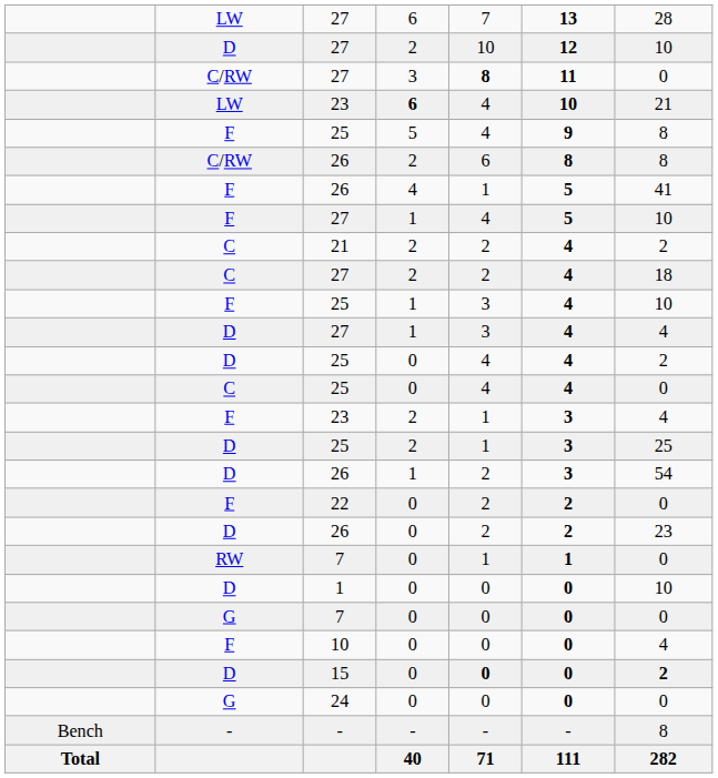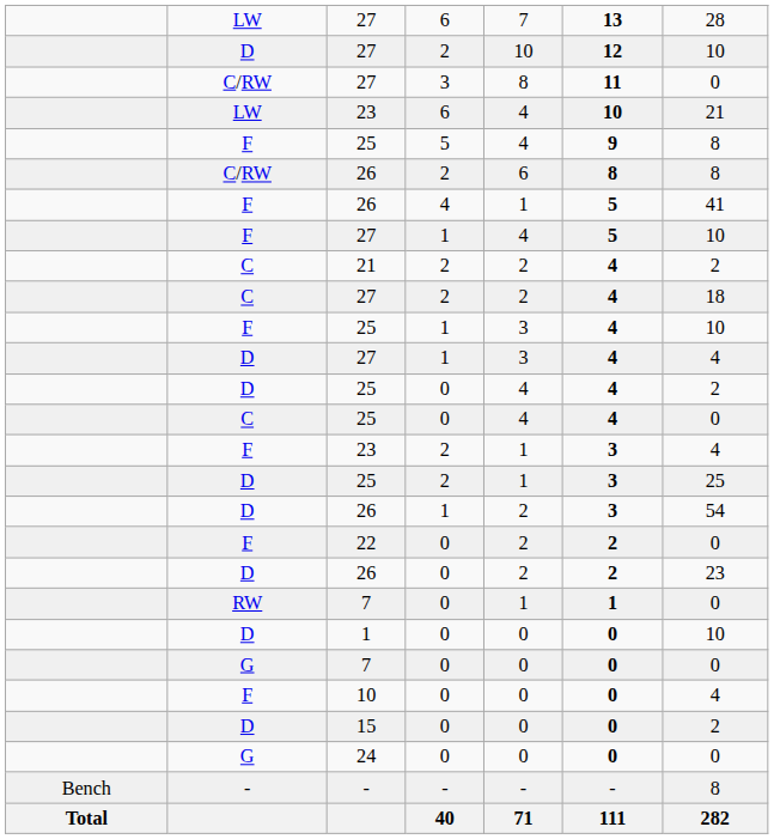 <table class="wikitable sortable" width ="50%">
 <tr align="center">
 </tr>
 <tr align="center" bgcolor="">
 <td></td>
 <td><a href='#'>LW</a></td>
 <td>27</td>
 <td>6</td>
 <td>7</td>
 <td><strong>13</strong></td>
 <td>28</td>
 </tr>
 <tr align="center" bgcolor="f0f0f0">
 <td></td>
 <td><a href='#'>D</a></td>
 <td>27</td>
 <td>2</td>
 <td>10</td>
 <td><strong>12</strong></td>
 <td>10</td>
 </tr>
 <tr align="center" bgcolor="">
 <td></td>
 <td><a href='#'>C</a>/<a href='#'>RW</a></td>
 <td>27</td>
 <td>3</td>
-<td><strong>8</strong></td>
+<td>8</td>
 <td><strong>11</strong></td>
 <td>0</td>
 </tr>
 <tr align="center" bgcolor="f0f0f0">
 <td></td>
 <td><a href='#'>LW</a></td>
 <td>23</td>
-<td><strong>6</strong></td>
+<td>6</td>
 <td>4</td>
 <td><strong>10</strong></td>
 <td>21</td>
 </tr>
 <tr align="center" bgcolor="">
 <td></td>
 <td><a href='#'>F</a></td>
 <td>25</td>
 <td>5</td>
 <td>4</td>
 <td><strong>9</strong></td>
 <td>8</td>
 </tr>
 <tr align="center" bgcolor="f0f0f0">
 <td></td>
 <td><a href='#'>C</a>/<a href='#'>RW</a></td>
 <td>26</td>
 <td>2</td>
 <td>6</td>
 <td><strong>8</strong></td>
 <td>8</td>
 </tr>
 <tr align="center" bgcolor="">
 <td></td>
 <td><a href='#'>F</a></td>
 <td>26</td>
 <td>4</td>
 <td>1</td>
 <td><strong>5</strong></td>
 <td>41</td>
 </tr>
 <tr align="center" bgcolor="f0f0f0">
 <td></td>
 <td><a href='#'>F</a></td>
 <td>27</td>
 <td>1</td>
 <td>4</td>
 <td><strong>5</strong></td>
 <td>10</td>
 </tr>
 <tr align="center" bgcolor="">
 <td></td>
 <td><a href='#'>C</a></td>
 <td>21</td>
 <td>2</td>
 <td>2</td>
 <td><strong>4</strong></td>
 <td>2</td>
 </tr>
 <tr align="center" bgcolor="f0f0f0">
 <td></td>
 <td><a href='#'>C</a></td>
 <td>27</td>
 <td>2</td>
 <td>2</td>
 <td><strong>4</strong></td>
 <td>18</td>
 </tr>
 <tr align="center" bgcolor="">
 <td></td>
 <td><a href='#'>F</a></td>
 <td>25</td>
 <td>1</td>
 <td>3</td>
 <td><strong>4</strong></td>
 <td>10</td>
 </tr>
 <tr align="center" bgcolor="f0f0f0">
 <td></td>
 <td><a href='#'>D</a></td>
 <td>27</td>
 <td>1</td>
 <td>3</td>
 <td><strong>4</strong></td>
 <td>4</td>
 </tr>
 <tr align="center" bgcolor="">
 <td></td>
 <td><a href='#'>D</a></td>
 <td>25</td>
 <td>0</td>
 <td>4</td>
 <td><strong>4</strong></td>
 <td>2</td>
 </tr>
 <tr align="center" bgcolor="f0f0f0">
 <td></td>
 <td><a href='#'>C</a></td>
 <td>25</td>
 <td>0</td>
 <td>4</td>
 <td><strong>4</strong></td>
 <td>0</td>
 </tr>
 <tr align="center" bgcolor="">
 <td></td>
 <td><a href='#'>F</a></td>
 <td>23</td>
 <td>2</td>
 <td>1</td>
 <td><strong>3</strong></td>
 <td>4</td>
 </tr>
 <tr align="center" bgcolor="f0f0f0">
 <td></td>
 <td><a href='#'>D</a></td>
 <td>25</td>
 <td>2</td>
 <td>1</td>
 <td><strong>3</strong></td>
 <td>25</td>
 </tr>
 <tr align="center" bgcolor="">
 <td></td>
 <td><a href='#'>D</a></td>
 <td>26</td>
 <td>1</td>
 <td>2</td>
 <td><strong>3</strong></td>
 <td>54</td>
 </tr>
 <tr align="center" bgcolor="f0f0f0">
 <td></td>
 <td><a href='#'>F</a></td>
 <td>22</td>
 <td>0</td>
 <td>2</td>
 <td><strong>2</strong></td>
 <td>0</td>
 </tr>
 <tr align="center" bgcolor="">
 <td></td>
 <td><a href='#'>D</a></td>
 <td>26</td>
 <td>0</td>
 <td>2</td>
 <td><strong>2</strong></td>
 <td>23</td>
 </tr>
 <tr align="center" bgcolor="f0f0f0">
 <td></td>
 <td><a href='#'>RW</a></td>
 <td>7</td>
 <td>0</td>
 <td>1</td>
 <td><strong>1</strong></td>
 <td>0</td>
 </tr>
 <tr align="center" bgcolor="">
 <td></td>
 <td><a href='#'>D</a></td>
 <td>1</td>
 <td>0</td>
 <td>0</td>
 <td><strong>0</strong></td>
 <td>10</td>
 </tr>
 <tr align="center" bgcolor="f0f0f0">
 <td></td>
 <td><a href='#'>G</a></td>
 <td>7</td>
 <td>0</td>
 <td>0</td>
 <td><strong>0</strong></td>
 <td>0</td>
 </tr>
 <tr align="center" bgcolor="">
 <td></td>
 <td><a href='#'>F</a></td>
 <td>10</td>
 <td>0</td>
 <td>0</td>
 <td><strong>0</strong></td>
 <td>4</td>
 </tr>
 <tr align="center" bgcolor="f0f0f0">
 <td></td>
 <td><a href='#'>D</a></td>
 <td>15</td>
 <td>0</td>
+<td>0</td>
 <td><strong>0</strong></td>
-<td><strong>0</strong></td>
-<td><strong>2</strong></td>
+<td>2</td>
 </tr>
 <tr align="center" bgcolor="">
 <td></td>
 <td><a href='#'>G</a></td>
 <td>24</td>
 <td>0</td>
 <td>0</td>
 <td><strong>0</strong></td>
 <td>0</td>
 </tr>
 <tr align="center" bgcolor="f0f0f0">
 <td>Bench</td>
 <td>-</td>
 <td>-</td>
 <td>-</td>
 <td>-</td>
 <td>-</td>
 <td>8</td>
 </tr>
 <tr>
 <th>Total</th>
 <th></th>
 <th></th>
 <th>40</th>
 <th>71</th>
 <th>111</th>
 <th>282</th>
 </tr>
 </table>
